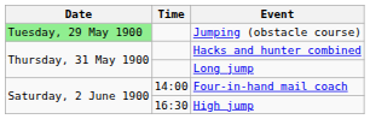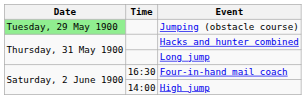 <table class="wikitable">
 <tr>
 <th>Date</th>
 <th>Time</th>
 <th>Event</th>
 </tr>
 <tr>
 <td style="background: lightgreen;">Tuesday, 29 May 1900</td>
 <td></td>
 <td><a href='#'>Jumping</a> (obstacle course)</td>
 </tr>
 <tr>
 <td rowspan=2>Thursday, 31 May 1900</td>
 <td></td>
 <td><a href='#'>Hacks and hunter combined</a></td>
 </tr>
 <tr>
 <td></td>
 <td><a href='#'>Long jump</a></td>
 </tr>
 <tr>
 <td rowspan=2>Saturday, 2 June 1900</td>
-<td>14:00</td>
+<td>16:30</td>
 <td><a href='#'>Four-in-hand mail coach</a></td>
 </tr>
 <tr>
-<td>16:30</td>
+<td>14:00</td>
 <td><a href='#'>High jump</a></td>
 </tr>
 </table>
